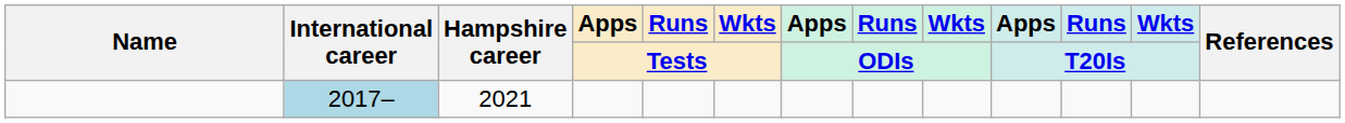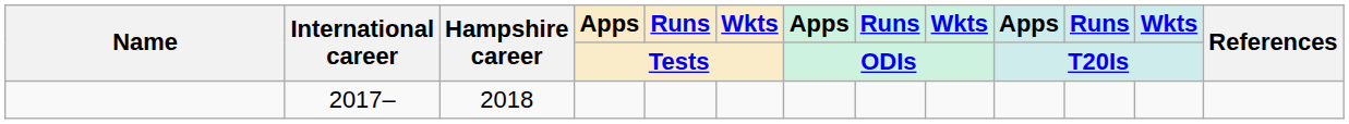 <table class="wikitable sortable" style="text-align: center;">
 <tr>
 <th style="width:180px" rowspan="2">Name</th>
 <th rowspan="2">International<br>career</th>
 <th rowspan="2">Hampshire<br>career</th>
 <th style="background:#faecc8">Apps</th>
 <th style="background:#faecc8"><a href='#'>Runs</a></th>
 <th style="background:#faecc8"><a href='#'>Wkts</a></th>
 <th style="background:#cef2e0">Apps</th>
 <th style="background:#cef2e0"><a href='#'>Runs</a></th>
 <th style="background:#cef2e0"><a href='#'>Wkts</a></th>
 <th style="background:#CFECEC">Apps</th>
 <th style="background:#CFECEC"><a href='#'>Runs</a></th>
 <th style="background:#CFECEC"><a href='#'>Wkts</a></th>
 <th class="unsortable" rowspan="2">References</th>
 </tr>
 <tr class="unsortable">
 <th colspan="3" style="background:#faecc8"><a href='#'>Tests</a></th>
 <th colspan="3" style="background:#cef2e0"><a href='#'>ODIs</a></th>
 <th colspan="3" style="background:#CFECEC"><a href='#'>T20Is</a></th>
 </tr>
 <tr>
 <td></td>
-<td style="background: lightblue;">2017–</td>
-<td>2021</td>
+<td>2017–</td>
+<td>2018</td>
 <td></td>
 <td></td>
 <td></td>
 <td></td>
 <td></td>
 <td></td>
 <td></td>
 <td></td>
 <td></td>
 <td></td>
 </tr>
 </table>
